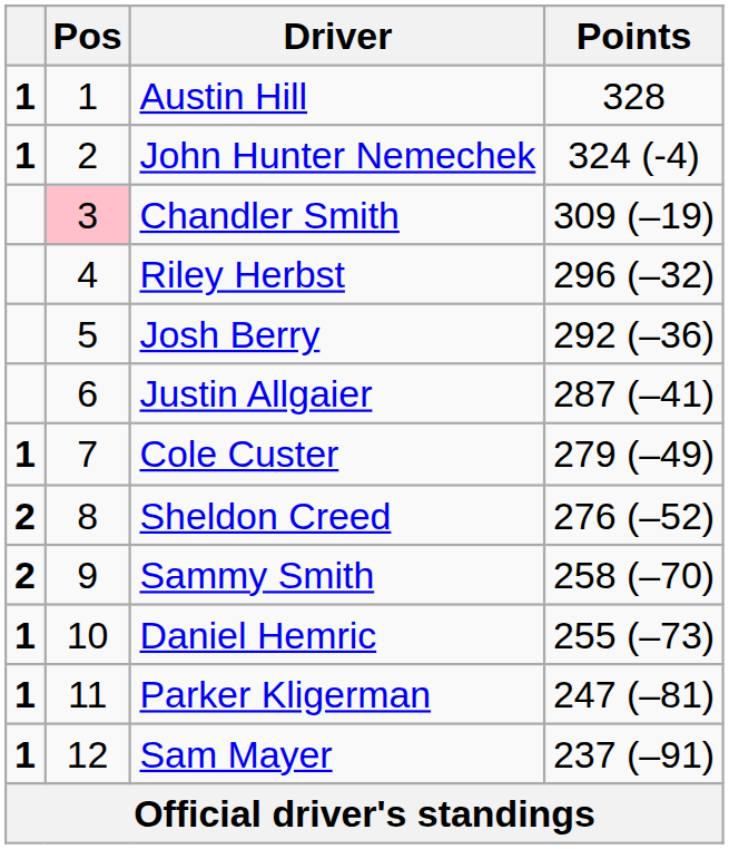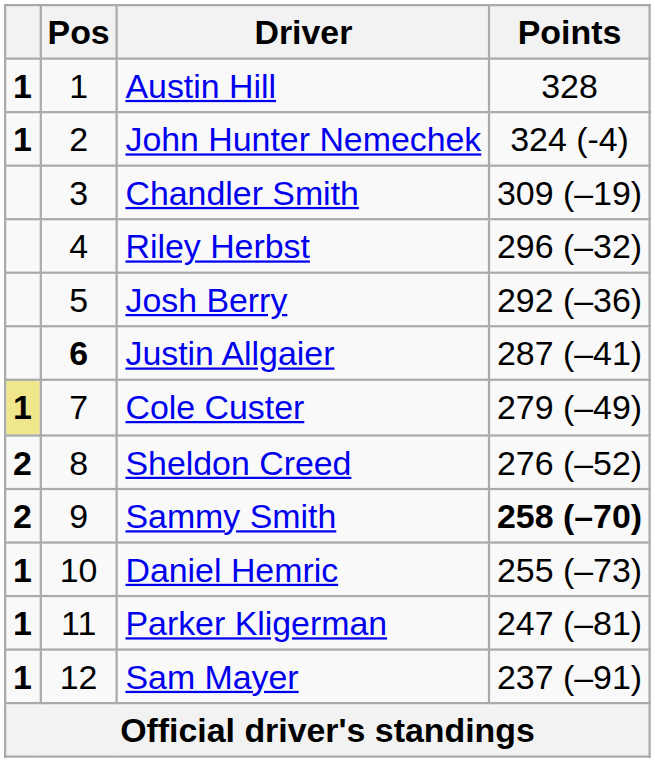 <table class="wikitable" style="font-size: 95%;">
 <tr>
 <th></th>
 <th>Pos</th>
 <th>Driver</th>
 <th>Points</th>
 </tr>
 <tr>
 <td align="left"> <strong>1</strong></td>
 <td style="text-align:center;">1</td>
 <td><a href='#'>Austin Hill</a></td>
 <td style="text-align:center;">328</td>
 </tr>
 <tr>
 <td align="left"> <strong>1</strong></td>
 <td style="text-align:center;">2</td>
 <td><a href='#'>John Hunter Nemechek</a></td>
 <td style="text-align:center;">324 (-4)</td>
 </tr>
 <tr>
 <td align="left"></td>
-<td style="background: pink; text-align:center;">3</td>
+<td style="text-align:center;">3</td>
 <td><a href='#'>Chandler Smith</a></td>
 <td style="text-align:center;">309 (–19)</td>
 </tr>
 <tr>
 <td align="left"></td>
 <td style="text-align:center;">4</td>
 <td><a href='#'>Riley Herbst</a></td>
 <td style="text-align:center;">296 (–32)</td>
 </tr>
 <tr>
 <td align="left"></td>
 <td style="text-align:center;">5</td>
 <td><a href='#'>Josh Berry</a></td>
 <td style="text-align:center;">292 (–36)</td>
 </tr>
 <tr>
 <td align="left"></td>
-<td style="text-align:center;">6</td>
+<td style="text-align:center;"><strong>6</strong></td>
 <td><a href='#'>Justin Allgaier</a></td>
 <td style="text-align:center;">287 (–41)</td>
 </tr>
 <tr>
-<td align="left"> <strong>1</strong></td>
+<td align="left" style="background: khaki;"> <strong>1</strong></td>
 <td style="text-align:center;">7</td>
 <td><a href='#'>Cole Custer</a></td>
 <td style="text-align:center;">279 (–49)</td>
 </tr>
 <tr>
 <td align="left"> <strong>2</strong></td>
 <td style="text-align:center;">8</td>
 <td><a href='#'>Sheldon Creed</a></td>
 <td style="text-align:center;">276 (–52)</td>
 </tr>
 <tr>
 <td align="left"> <strong>2</strong></td>
 <td style="text-align:center;">9</td>
 <td><a href='#'>Sammy Smith</a></td>
-<td style="text-align:center;">258 (–70)</td>
+<td style="text-align:center;"><strong>258 (–70)</strong></td>
 </tr>
 <tr>
 <td align="left"> <strong>1</strong></td>
 <td style="text-align:center;">10</td>
 <td><a href='#'>Daniel Hemric</a></td>
 <td style="text-align:center;">255 (–73)</td>
 </tr>
 <tr>
 <td align="left"> <strong>1</strong></td>
 <td style="text-align:center;">11</td>
 <td><a href='#'>Parker Kligerman</a></td>
 <td style="text-align:center;">247 (–81)</td>
 </tr>
 <tr>
 <td align="left"> <strong>1</strong></td>
 <td style="text-align:center;">12</td>
 <td><a href='#'>Sam Mayer</a></td>
 <td style="text-align:center;">237 (–91)</td>
 </tr>
 <tr class="sortbottom">
 <th colspan="9">Official driver's standings</th>
 </tr>
 </table>
